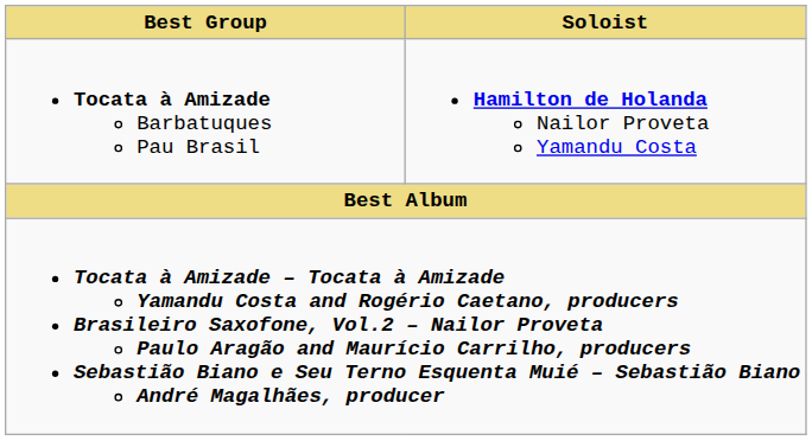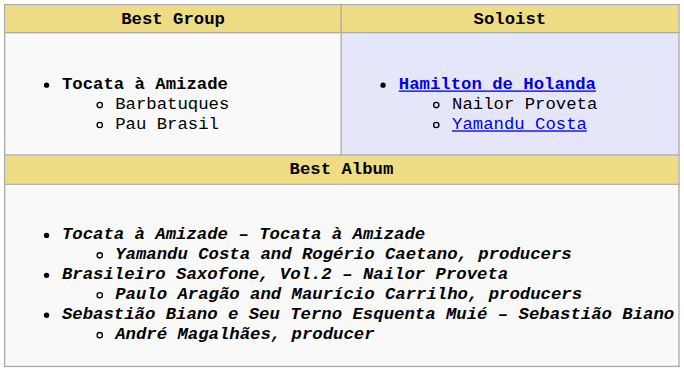 <table class="wikitable" style="width=">
 <tr>
 <th style="background:#EEDD85; width:50%">Best Group</th>
 <th style="background:#EEDD85; width:50%">Soloist</th>
 </tr>
 <tr>
 <td style="vertical-align:top"><br><ul><li><strong>Tocata à Amizade</strong><ul><li>Barbatuques</li><li>Pau Brasil</li></ul></li></ul></td>
-<td style="vertical-align:top"><br><ul><li><strong><a href='#'>Hamilton de Holanda</a></strong><ul><li>Nailor Proveta</li><li><a href='#'>Yamandu Costa</a></li></ul></li></ul></td>
+<td style="background: lavender; vertical-align:top"><br><ul><li><strong><a href='#'>Hamilton de Holanda</a></strong><ul><li>Nailor Proveta</li><li><a href='#'>Yamandu Costa</a></li></ul></li></ul></td>
 </tr>
 <tr>
 <th colspan="2" scope="col" style="background:#EEDD85; width:50%">Best Album</th>
 </tr>
 <tr>
 <td colspan="2" style="vertical-align:top"><br><ul><li><strong><em>Tocata à Amizade<em> – Tocata à Amizade<strong><ul><li></strong>Yamandu Costa and Rogério Caetano, producers<strong></li></ul></li><li></em>Brasileiro Saxofone, Vol.2<em> – Nailor Proveta<ul><li>Paulo Aragão and Maurício Carrilho, producers</li></ul></li><li></em>Sebastião Biano e Seu Terno Esquenta Muié<em> – Sebastião Biano<ul><li>André Magalhães, producer</li></ul></li></ul></td>
 </tr>
 </table>
